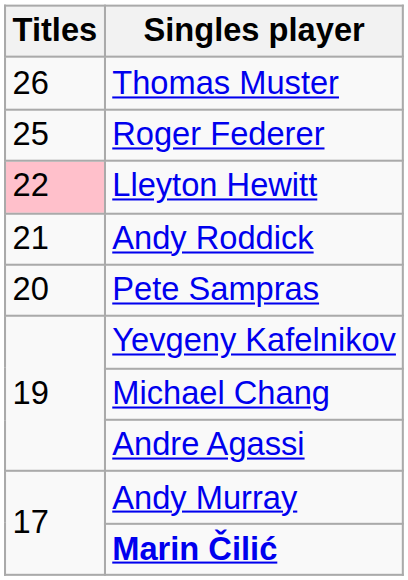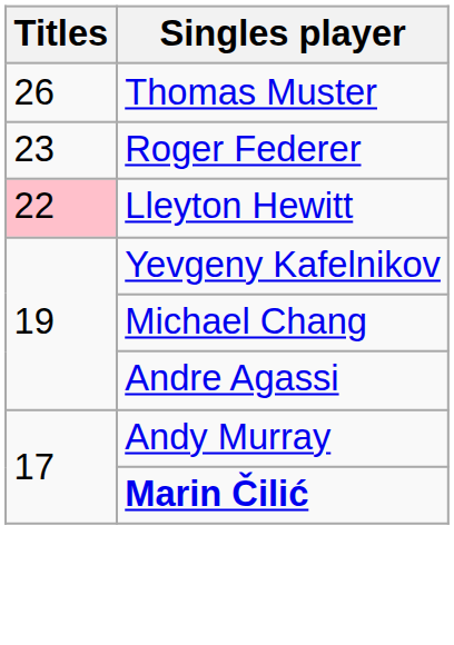 <table class="wikitable nowrap" style="display:inline-table;">
 <tr>
 <th>Titles</th>
 <th>Singles player</th>
 </tr>
 <tr>
 <td>26</td>
 <td> <a href='#'>Thomas Muster</a></td>
 </tr>
 <tr>
-<td>25</td>
+<td>23</td>
 <td> <a href='#'>Roger Federer</a></td>
 </tr>
 <tr>
 <td style="background: pink;">22</td>
 <td> <a href='#'>Lleyton Hewitt</a></td>
-</tr>
-<tr>
-<td>21</td>
-<td> <a href='#'>Andy Roddick</a></td>
-</tr>
-<tr>
-<td>20</td>
-<td> <a href='#'>Pete Sampras</a></td>
 </tr>
 <tr>
 <td rowspan="3">19</td>
 <td> <a href='#'>Yevgeny Kafelnikov</a></td>
 </tr>
 <tr>
 <td> <a href='#'>Michael Chang</a></td>
 </tr>
 <tr>
 <td> <a href='#'>Andre Agassi</a></td>
 </tr>
 <tr>
 <td rowspan="2">17</td>
 <td> <a href='#'>Andy Murray</a></td>
 </tr>
 <tr>
 <td> <strong><a href='#'>Marin Čilić</a></strong></td>
 </tr>
 </table>
